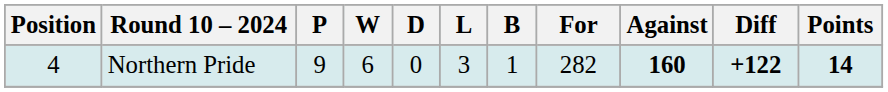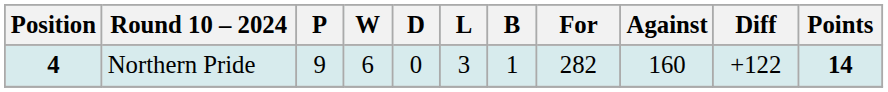 <table class="wikitable" style="text-align:center; font-size:85%;">
 <tr style="background: #d7ebed;">
 <th width="40" abbr="Position">Position</th>
 <th width="100">Round 10 – 2024</th>
 <th width="20" abbr="Played">P</th>
 <th width="20" abbr="Won">W</th>
 <th width="20" abbr="Drawn">D</th>
 <th width="20" abbr="Lost">L</th>
 <th width="20" abbr="Bye">B</th>
 <th width="40" abbr="Points for">For</th>
 <th width="40" abbr="Points against">Against</th>
 <th width="40" abbr="Points difference">Diff</th>
 <th width="40" abbr="Points">Points</th>
 </tr>
 <tr style="background: #d7ebed;">
-<td>4</td>
+<td><strong>4</strong></td>
 <td style="text-align:left;"> Northern Pride</td>
 <td>9</td>
 <td>6</td>
 <td>0</td>
 <td>3</td>
 <td>1</td>
 <td>282</td>
-<td><strong>160</strong></td>
-<td><strong>+122</strong></td>
+<td>160</td>
+<td>+122</td>
 <td><strong>14</strong></td>
 </tr>
 <tr>
 </tr>
 </table>
